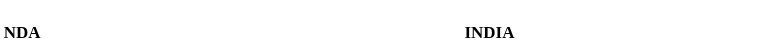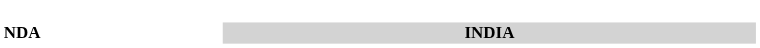 <table style="width:100%; text-align:center;">
 <tr style="color:white;">
 <td style="background:"><strong>19</strong></td>
 <td style="background:"><strong>9</strong></td>
 </tr>
 <tr>
 <td><span><strong>NDA</strong></span></td>
-<td><span><strong>INDIA</strong></span></td>
+<td style="background: lightgrey;"><span><strong>INDIA</strong></span></td>
 </tr>
 </table>
